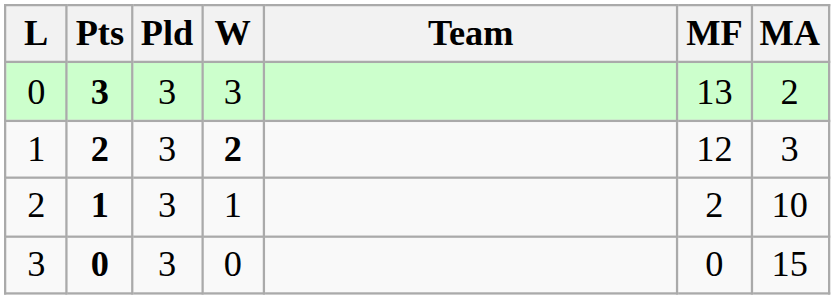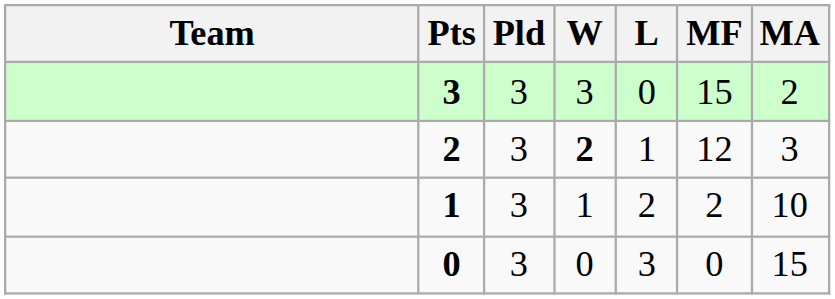 <table class=wikitable style="text-align:center">
 <tr>
-<th width=20>L</th>
+<th width=175>Team</th>
 <th width=20>Pts</th>
 <th width=20>Pld</th>
 <th width=20>W</th>
-<th width=175>Team</th>
+<th width=20>L</th>
 <th width=20>MF</th>
 <th width=20>MA</th>
 </tr>
 <tr bgcolor=#ccffcc>
-<td>0</td>
+<td style="text-align:left"></td>
 <td><strong>3</strong></td>
 <td>3</td>
 <td>3</td>
-<td style="text-align:left"></td>
-<td>13</td>
+<td>0</td>
+<td>15</td>
 <td>2</td>
 </tr>
 <tr>
-<td>1</td>
+<td style="text-align:left"></td>
 <td><strong>2</strong></td>
 <td>3</td>
 <td><strong>2</strong></td>
-<td style="text-align:left"></td>
+<td>1</td>
 <td>12</td>
 <td>3</td>
 </tr>
 <tr>
-<td>2</td>
+<td style="text-align:left"></td>
 <td><strong>1</strong></td>
 <td>3</td>
 <td>1</td>
-<td style="text-align:left"></td>
+<td>2</td>
 <td>2</td>
 <td>10</td>
 </tr>
 <tr>
-<td>3</td>
+<td style="text-align:left"></td>
 <td><strong>0</strong></td>
 <td>3</td>
 <td>0</td>
-<td style="text-align:left"></td>
+<td>3</td>
 <td>0</td>
 <td>15</td>
 </tr>
 </table>
